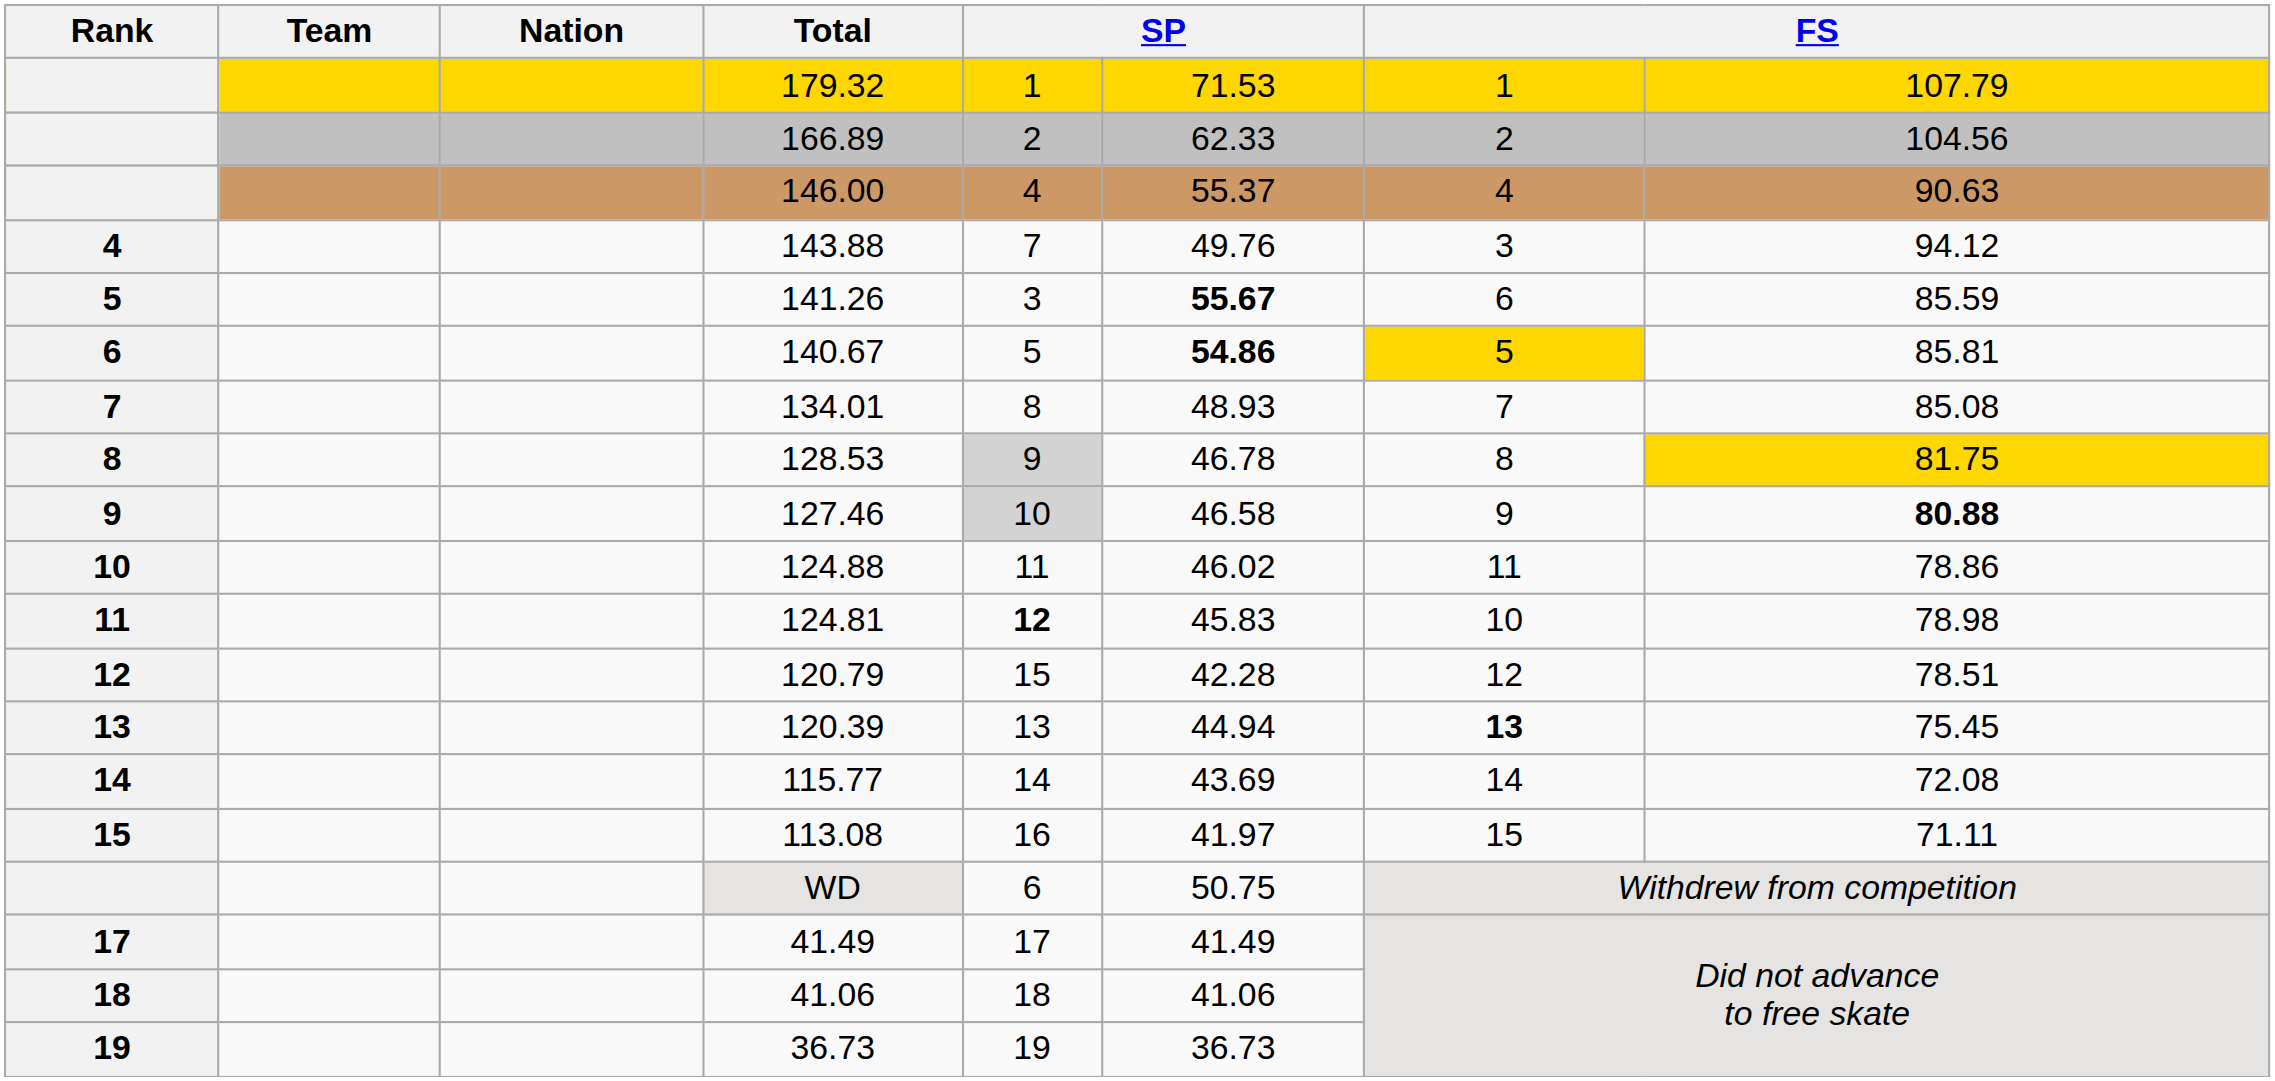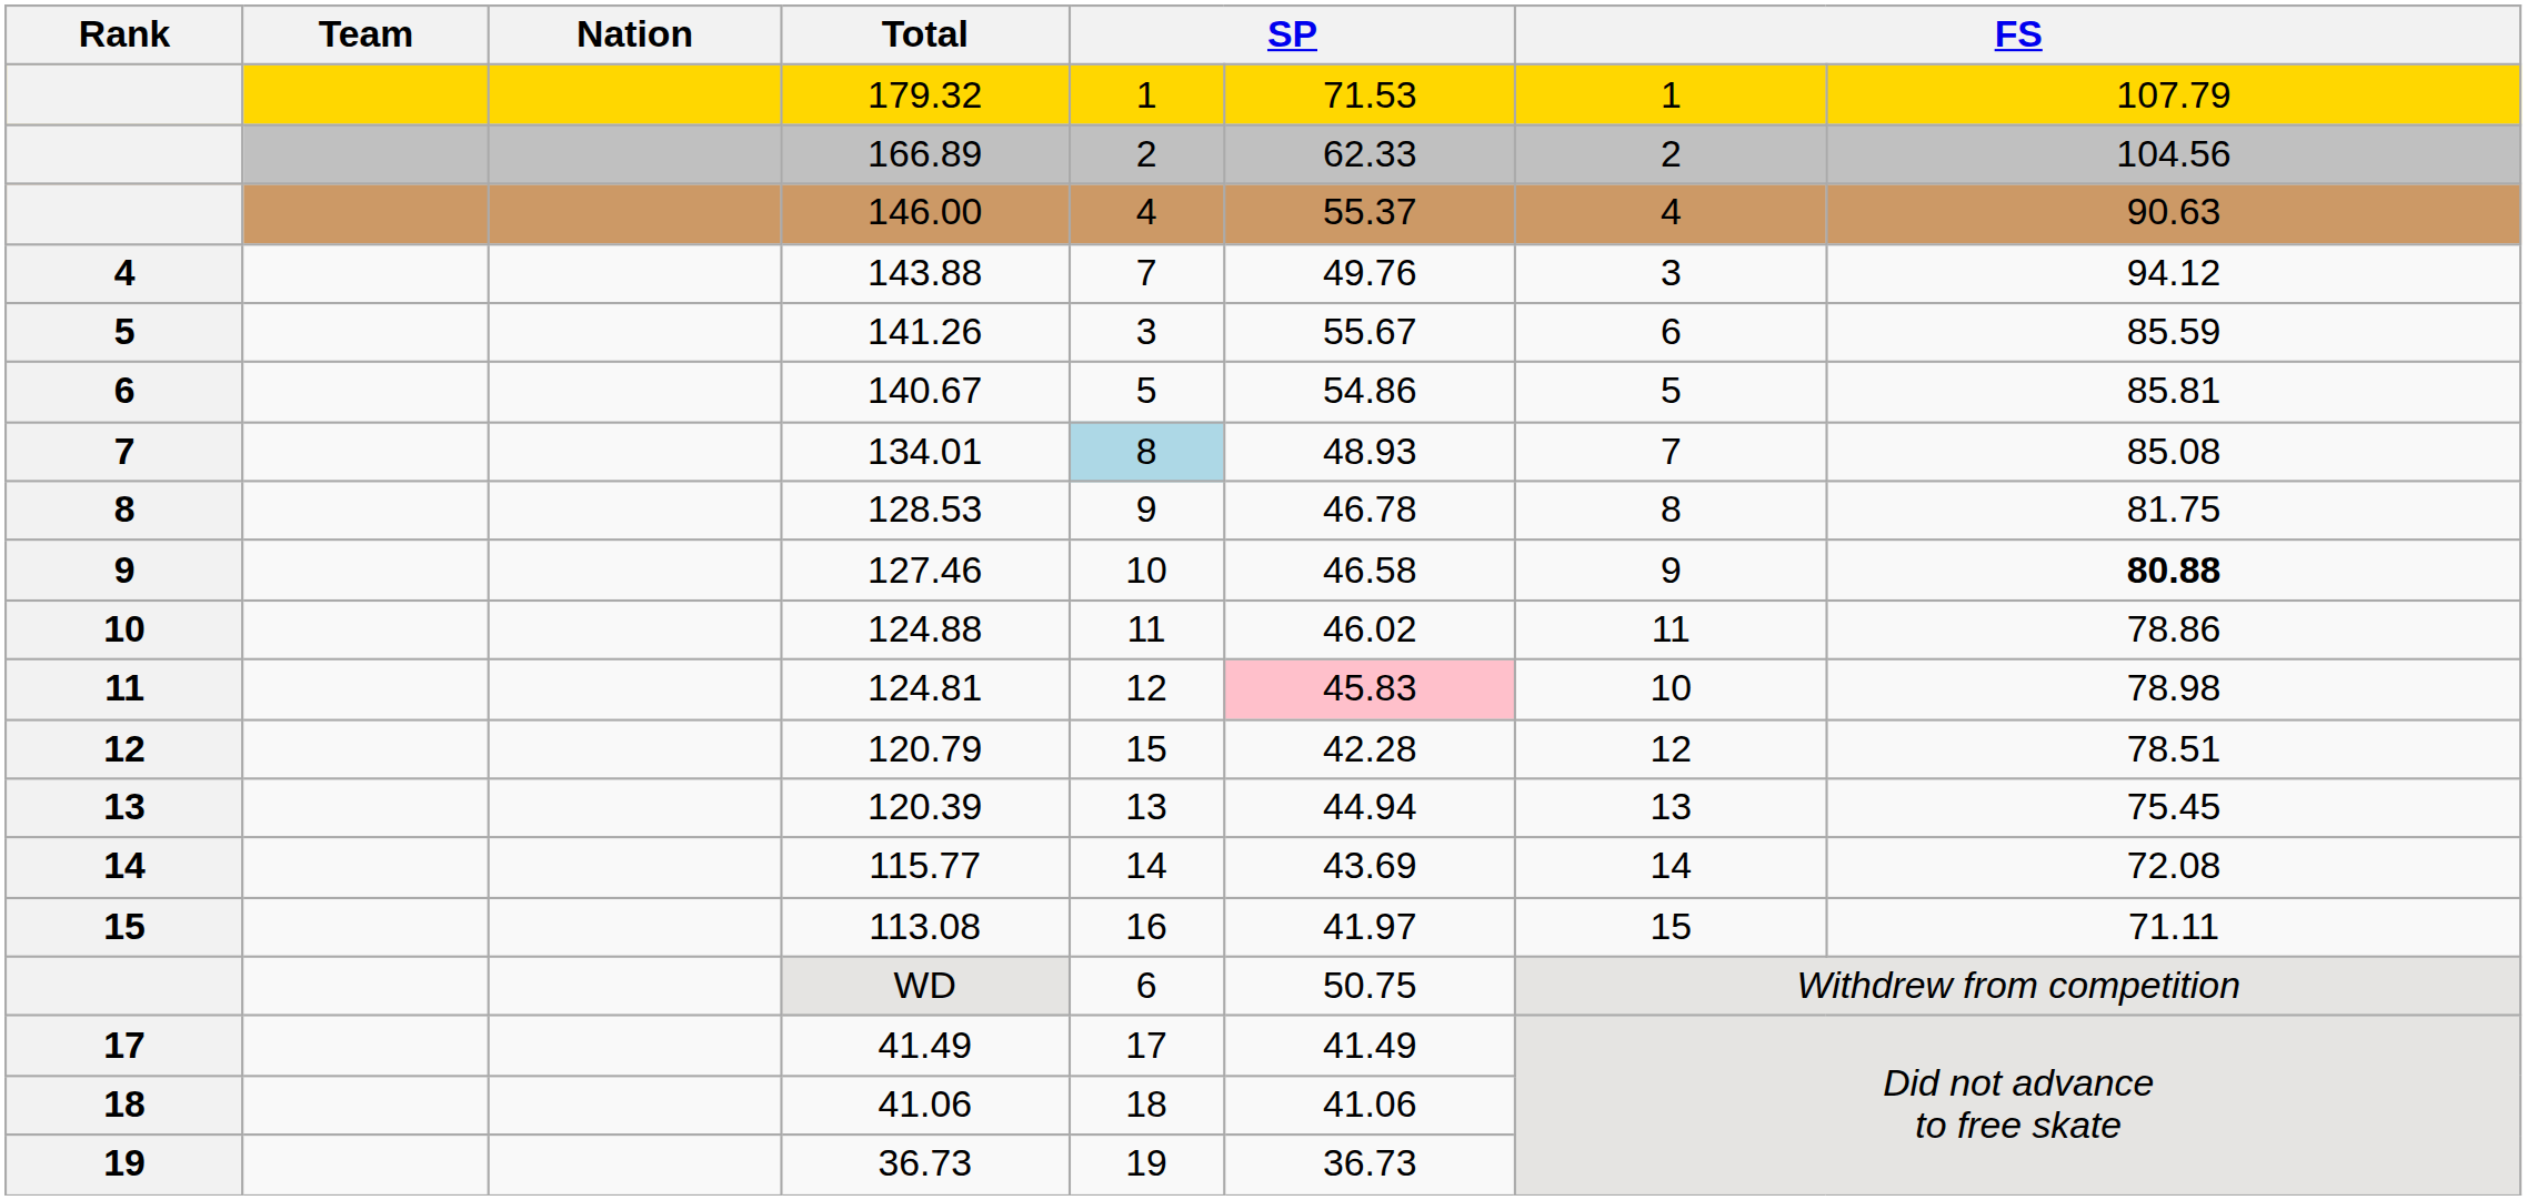 <table class="wikitable sortable" style="text-align:center; width:85%">
 <tr>
 <th scope="col">Rank</th>
 <th scope="col">Team</th>
 <th scope="col">Nation</th>
 <th scope="col">Total</th>
 <th colspan="2" width="80px"><a href='#'>SP</a></th>
 <th colspan="2" width="80px"><a href='#'>FS</a></th>
 </tr>
 <tr bgcolor="gold">
 <th scope="row"></th>
 <td align="left"></td>
 <td align="left"></td>
 <td>179.32</td>
 <td>1</td>
 <td>71.53</td>
 <td>1</td>
 <td>107.79</td>
 </tr>
 <tr bgcolor="silver">
 <th scope="row"></th>
 <td align="left"></td>
 <td align="left"></td>
 <td>166.89</td>
 <td>2</td>
 <td>62.33</td>
 <td>2</td>
 <td>104.56</td>
 </tr>
 <tr bgcolor="#cc9966">
 <th scope="row"></th>
 <td align="left"></td>
 <td align="left"></td>
 <td>146.00</td>
 <td>4</td>
 <td>55.37</td>
 <td>4</td>
 <td>90.63</td>
 </tr>
 <tr>
 <th scope="row">4</th>
 <td align="left"></td>
 <td align="left"></td>
 <td>143.88</td>
 <td>7</td>
 <td>49.76</td>
 <td>3</td>
 <td>94.12</td>
 </tr>
 <tr>
 <th scope="row">5</th>
 <td align="left"></td>
 <td align="left"></td>
 <td>141.26</td>
 <td>3</td>
-<td><strong>55.67</strong></td>
+<td>55.67</td>
 <td>6</td>
 <td>85.59</td>
 </tr>
 <tr>
 <th scope="row">6</th>
 <td align="left"></td>
 <td align="left"></td>
 <td>140.67</td>
 <td>5</td>
-<td><strong>54.86</strong></td>
-<td style="background: gold;">5</td>
+<td>54.86</td>
+<td>5</td>
 <td>85.81</td>
 </tr>
 <tr>
 <th scope="row">7</th>
 <td align="left"></td>
 <td align="left"></td>
 <td>134.01</td>
-<td>8</td>
+<td style="background: lightblue;">8</td>
 <td>48.93</td>
 <td>7</td>
 <td>85.08</td>
 </tr>
 <tr>
 <th scope="row">8</th>
 <td align="left"></td>
 <td align="left"></td>
 <td>128.53</td>
-<td style="background: lightgrey;">9</td>
+<td>9</td>
 <td>46.78</td>
 <td>8</td>
-<td style="background: gold;">81.75</td>
+<td>81.75</td>
 </tr>
 <tr>
 <th scope="row">9</th>
 <td align="left"></td>
 <td align="left"></td>
 <td>127.46</td>
-<td style="background: lightgrey;">10</td>
+<td>10</td>
 <td>46.58</td>
 <td>9</td>
 <td><strong>80.88</strong></td>
 </tr>
 <tr>
 <th scope="row">10</th>
 <td align="left"></td>
 <td align="left"></td>
 <td>124.88</td>
 <td>11</td>
 <td>46.02</td>
 <td>11</td>
 <td>78.86</td>
 </tr>
 <tr>
 <th scope="row">11</th>
 <td align="left"></td>
 <td align="left"></td>
 <td>124.81</td>
-<td><strong>12</strong></td>
-<td>45.83</td>
+<td>12</td>
+<td style="background: pink;">45.83</td>
 <td>10</td>
 <td>78.98</td>
 </tr>
 <tr>
 <th scope="row">12</th>
 <td align="left"></td>
 <td align="left"></td>
 <td>120.79</td>
 <td>15</td>
 <td>42.28</td>
 <td>12</td>
 <td>78.51</td>
 </tr>
 <tr>
 <th scope="row">13</th>
 <td align="left"></td>
 <td align="left"></td>
 <td>120.39</td>
 <td>13</td>
 <td>44.94</td>
-<td><strong>13</strong></td>
+<td>13</td>
 <td>75.45</td>
 </tr>
 <tr>
 <th scope="row">14</th>
 <td align="left"></td>
 <td align="left"></td>
 <td>115.77</td>
 <td>14</td>
 <td>43.69</td>
 <td>14</td>
 <td>72.08</td>
 </tr>
 <tr>
 <th scope="row">15</th>
 <td align="left"></td>
 <td align="left"></td>
 <td>113.08</td>
 <td>16</td>
 <td>41.97</td>
 <td>15</td>
 <td>71.11</td>
 </tr>
 <tr>
 <th scope="row"></th>
 <td align="left"></td>
 <td align="left"></td>
 <td bgcolor="e5e4e2">WD</td>
 <td>6</td>
 <td>50.75</td>
 <td colspan="2" bgcolor="e5e4e2"><em>Withdrew from competition</em></td>
 </tr>
 <tr>
 <th scope="row">17</th>
 <td align="left"></td>
 <td align="left"></td>
 <td>41.49</td>
 <td>17</td>
 <td>41.49</td>
 <td colspan="2" rowspan="3" bgcolor="e5e4e2"><em>Did not advance<br>to free skate</em></td>
 </tr>
 <tr>
 <th scope="row">18</th>
 <td align="left"></td>
 <td align="left"></td>
 <td>41.06</td>
 <td>18</td>
 <td>41.06</td>
 </tr>
 <tr>
 <th scope="row">19</th>
 <td align="left"></td>
 <td align="left"></td>
 <td>36.73</td>
 <td>19</td>
 <td>36.73</td>
 </tr>
 </table>
